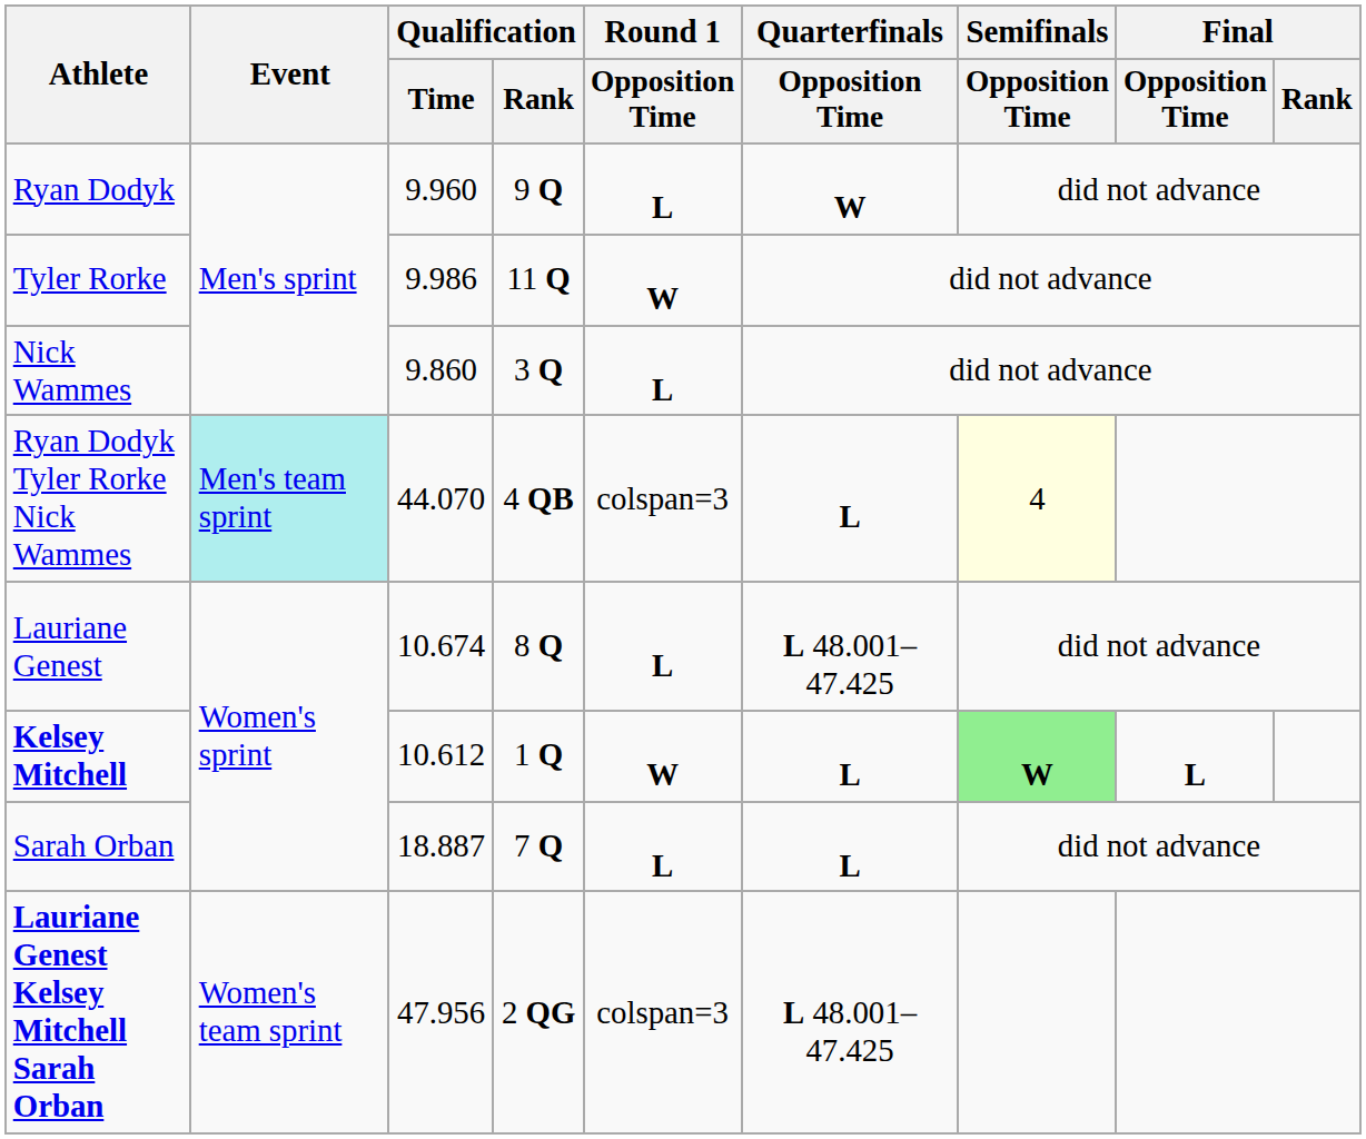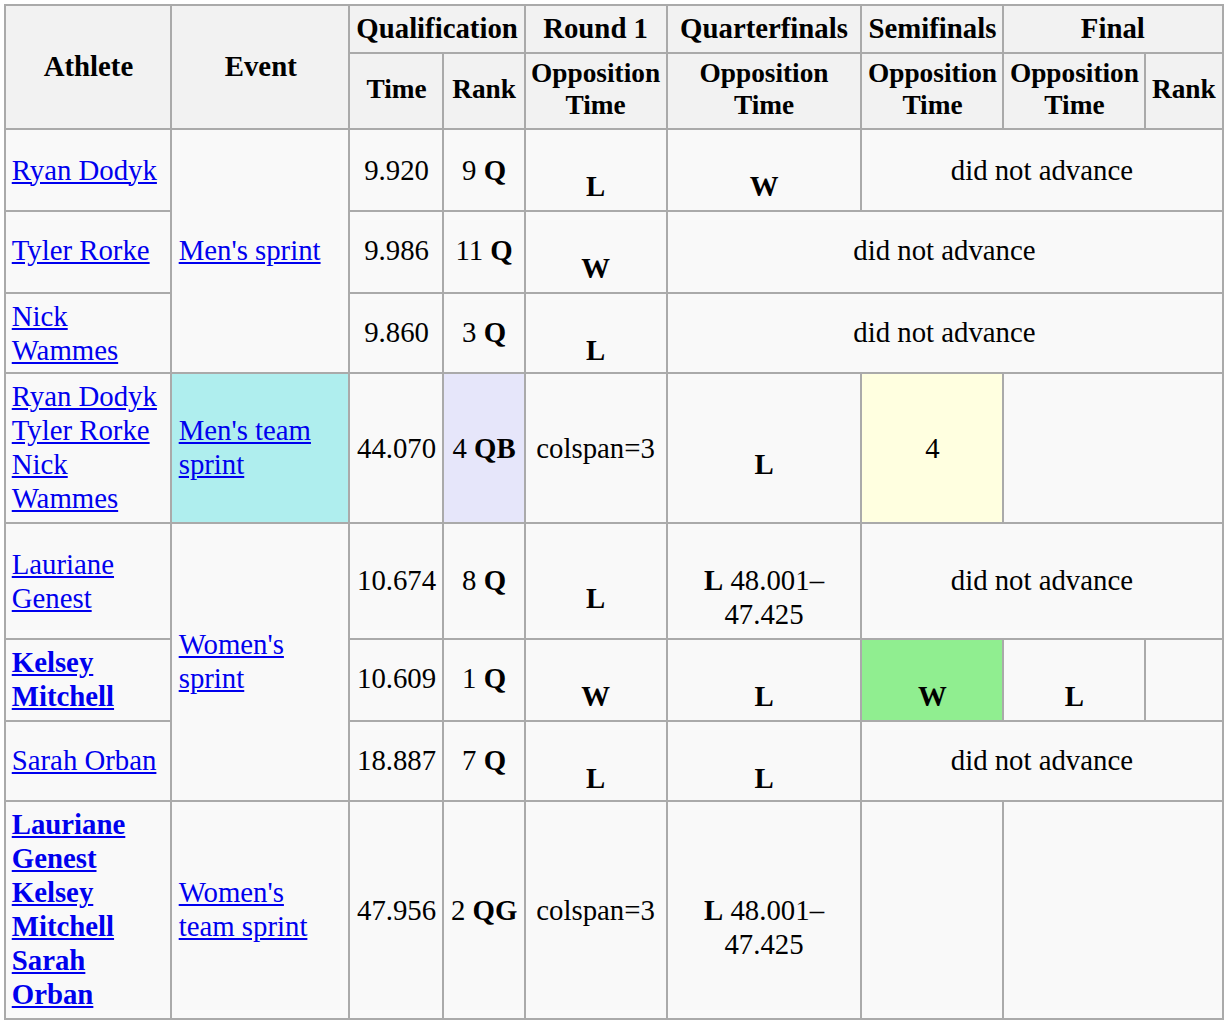 <table class="wikitable" style="font-size:90%;">
 <tr>
 <th rowspan=2>Athlete</th>
 <th rowspan=2>Event</th>
 <th colspan=2>Qualification</th>
 <th>Round 1</th>
 <th>Quarterfinals</th>
 <th>Semifinals</th>
 <th colspan=2>Final</th>
 </tr>
 <tr style="font-size:95%">
 <th>Time</th>
 <th>Rank</th>
 <th>Opposition<br>Time</th>
 <th>Opposition<br>Time</th>
 <th>Opposition<br>Time</th>
 <th>Opposition<br>Time</th>
 <th>Rank</th>
 </tr>
 <tr align=center>
 <td align=left><a href='#'>Ryan Dodyk</a></td>
 <td align=left rowspan=3><a href='#'>Men's sprint</a></td>
-<td>9.960</td>
+<td>9.920</td>
 <td>9 <strong>Q</strong></td>
 <td><br><strong>L</strong></td>
 <td><br><strong>W</strong></td>
 <td colspan=3>did not advance</td>
 </tr>
 <tr align=center>
 <td align=left><a href='#'>Tyler Rorke</a></td>
 <td>9.986</td>
 <td>11 <strong>Q</strong></td>
 <td><br><strong>W</strong></td>
 <td colspan=4>did not advance</td>
 </tr>
 <tr align=center>
 <td align=left><a href='#'>Nick Wammes</a></td>
 <td>9.860</td>
 <td>3 <strong>Q</strong></td>
 <td><br><strong>L</strong></td>
 <td colspan=4>did not advance</td>
 </tr>
 <tr align=center>
 <td align=left><a href='#'>Ryan Dodyk</a><br><a href='#'>Tyler Rorke</a><br><a href='#'>Nick Wammes</a></td>
 <td align=left style="background: paleturquoise;"><a href='#'>Men's team sprint</a></td>
 <td>44.070</td>
-<td>4 <strong>QB</strong></td>
+<td style="background: lavender;">4 <strong>QB</strong></td>
 <td>colspan=3 </td>
 <td><br><strong>L</strong></td>
 <td style="background: lightyellow;">4</td>
 </tr>
 <tr align=center>
 <td align=left><a href='#'>Lauriane Genest</a></td>
 <td align=left rowspan=3><a href='#'>Women's sprint</a></td>
 <td>10.674</td>
 <td>8 <strong>Q</strong></td>
 <td><br><strong>L</strong></td>
 <td><br><strong>L</strong> 48.001–47.425</td>
 <td colspan=3>did not advance</td>
 </tr>
 <tr align=center>
 <td align=left><strong><a href='#'>Kelsey Mitchell</a></strong></td>
-<td>10.612</td>
+<td>10.609</td>
 <td>1 <strong>Q</strong></td>
 <td><br><strong>W</strong></td>
 <td><br><strong>L</strong></td>
 <td style="background: lightgreen;"><br><strong>W</strong></td>
 <td><br><strong>L</strong></td>
 <td></td>
 </tr>
 <tr align=center>
 <td align=left><a href='#'>Sarah Orban</a></td>
 <td>18.887</td>
 <td>7 <strong>Q</strong></td>
 <td><br><strong>L</strong></td>
 <td><br><strong>L</strong></td>
 <td colspan=3>did not advance</td>
 </tr>
 <tr align=center>
 <td align=left><strong><a href='#'>Lauriane Genest</a><br><a href='#'>Kelsey Mitchell</a><br><a href='#'>Sarah Orban</a></strong></td>
 <td align=left><a href='#'>Women's team sprint</a></td>
 <td>47.956</td>
 <td>2 <strong>QG</strong></td>
 <td>colspan=3 </td>
 <td><br><strong>L</strong> 48.001–47.425</td>
 <td></td>
 </tr>
 </table>
